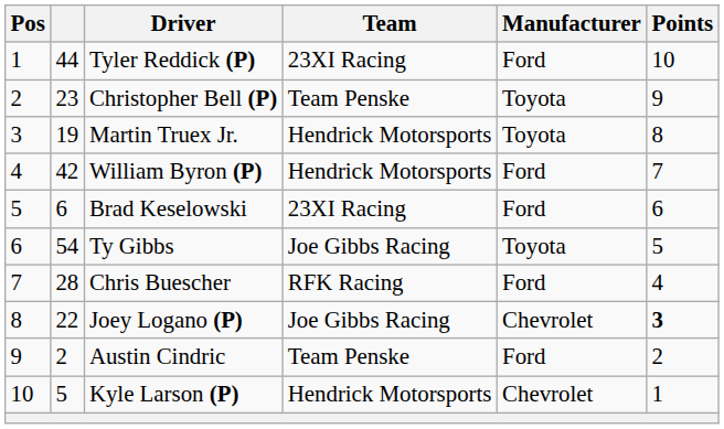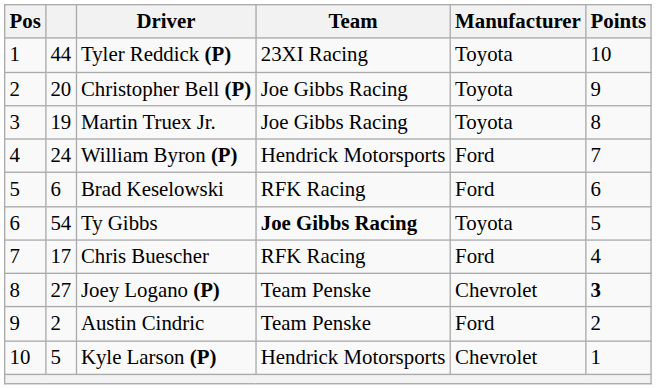 <table class="wikitable" style="font-size:98%">
 <tr>
 <th>Pos</th>
 <th></th>
 <th>Driver</th>
 <th>Team</th>
 <th>Manufacturer</th>
 <th>Points</th>
 </tr>
 <tr>
 <td>1</td>
 <td>44</td>
 <td>Tyler Reddick <strong>(P)</strong></td>
 <td>23XI Racing</td>
-<td>Ford</td>
+<td>Toyota</td>
 <td>10</td>
 </tr>
 <tr>
 <td>2</td>
-<td>23</td>
+<td>20</td>
 <td>Christopher Bell <strong>(P)</strong></td>
-<td>Team Penske</td>
+<td>Joe Gibbs Racing</td>
 <td>Toyota</td>
 <td>9</td>
 </tr>
 <tr>
 <td>3</td>
 <td>19</td>
 <td>Martin Truex Jr.</td>
-<td>Hendrick Motorsports</td>
+<td>Joe Gibbs Racing</td>
 <td>Toyota</td>
 <td>8</td>
 </tr>
 <tr>
 <td>4</td>
-<td>42</td>
+<td>24</td>
 <td>William Byron <strong>(P)</strong></td>
 <td>Hendrick Motorsports</td>
 <td>Ford</td>
 <td>7</td>
 </tr>
 <tr>
 <td>5</td>
 <td>6</td>
 <td>Brad Keselowski</td>
-<td>23XI Racing</td>
+<td>RFK Racing</td>
 <td>Ford</td>
 <td>6</td>
 </tr>
 <tr>
 <td>6</td>
 <td>54</td>
 <td>Ty Gibbs</td>
-<td>Joe Gibbs Racing</td>
+<td><strong>Joe Gibbs Racing</strong></td>
 <td>Toyota</td>
 <td>5</td>
 </tr>
 <tr>
 <td>7</td>
-<td>28</td>
+<td>17</td>
 <td>Chris Buescher</td>
 <td>RFK Racing</td>
 <td>Ford</td>
 <td>4</td>
 </tr>
 <tr>
 <td>8</td>
-<td>22</td>
+<td>27</td>
 <td>Joey Logano <strong>(P)</strong></td>
-<td>Joe Gibbs Racing</td>
+<td>Team Penske</td>
 <td>Chevrolet</td>
 <td><strong>3</strong></td>
 </tr>
 <tr>
 <td>9</td>
 <td>2</td>
 <td>Austin Cindric</td>
 <td>Team Penske</td>
 <td>Ford</td>
 <td>2</td>
 </tr>
 <tr>
 <td>10</td>
 <td>5</td>
 <td>Kyle Larson <strong>(P)</strong></td>
 <td>Hendrick Motorsports</td>
 <td>Chevrolet</td>
 <td>1</td>
 </tr>
 <tr>
 <th colspan="6"></th>
 </tr>
 </table>
